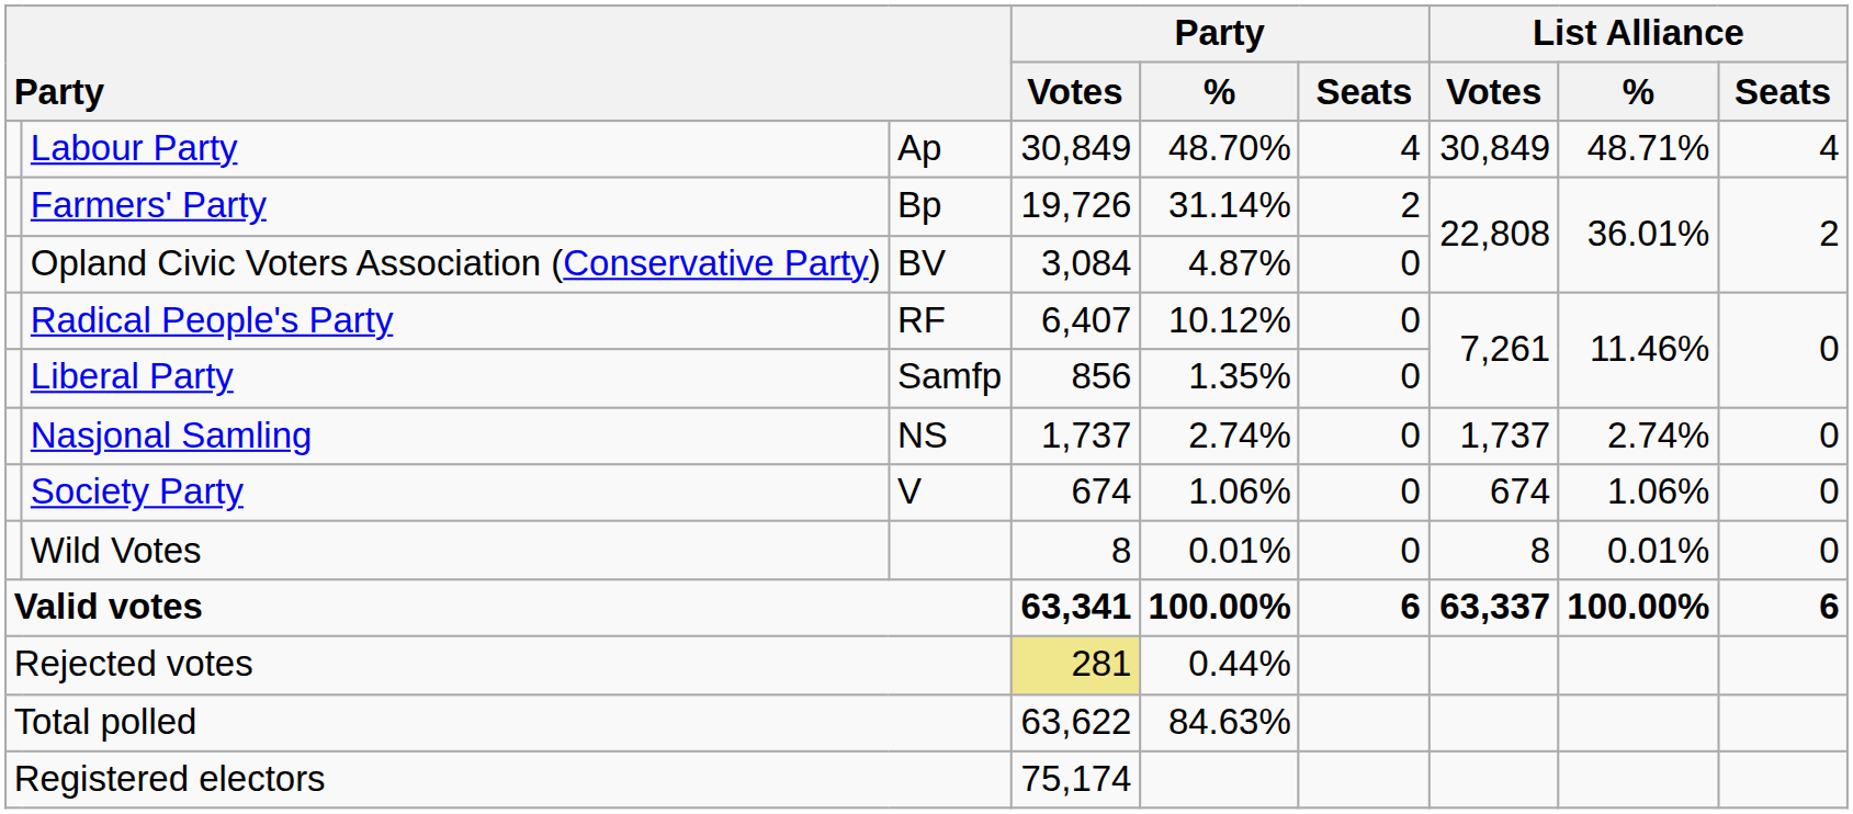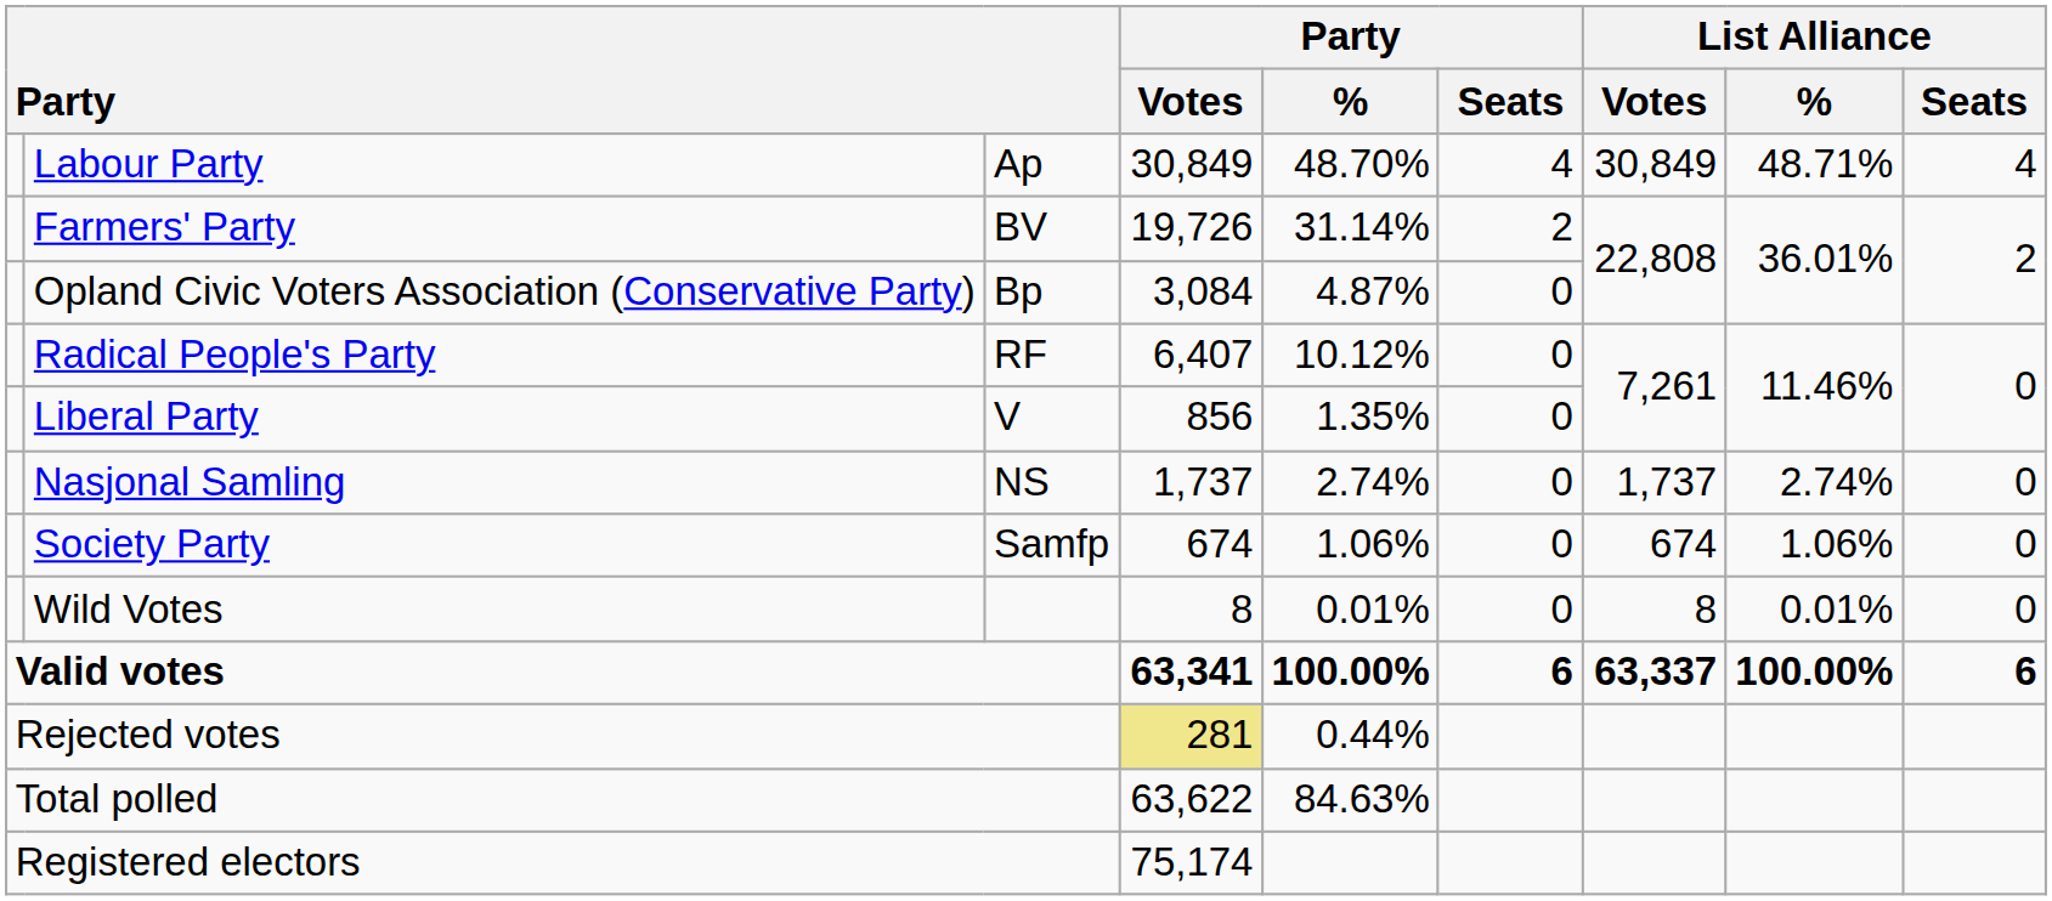 <table class="wikitable" border="1" style="text-align:right;">
 <tr>
 <th style="text-align:left;" valign=bottom rowspan=2 colspan=3>Party</th>
 <th colspan=3>Party</th>
 <th colspan=3>List Alliance</th>
 </tr>
 <tr>
 <th align=center valign=bottom width="50">Votes</th>
 <th align=center valign=bottom width="50">%</th>
 <th align=center valign=bottom width="50">Seats</th>
 <th align=center valign=bottom width="50">Votes</th>
 <th align=center valign=bottom width="50">%</th>
 <th align=center valign=bottom width="50">Seats</th>
 </tr>
 <tr>
 <td style="color:inherit;background:"></td>
 <td align=left><a href='#'>Labour Party</a></td>
 <td align=left>Ap</td>
 <td>30,849</td>
 <td>48.70%</td>
 <td>4</td>
 <td>30,849</td>
 <td>48.71%</td>
 <td>4</td>
 </tr>
 <tr>
 <td style="color:inherit;background:"></td>
 <td align=left><a href='#'>Farmers' Party</a></td>
-<td align=left>Bp</td>
+<td align=left>BV</td>
 <td>19,726</td>
 <td>31.14%</td>
 <td>2</td>
 <td rowspan=2>22,808</td>
 <td rowspan=2>36.01%</td>
 <td rowspan=2>2</td>
 </tr>
 <tr>
 <td></td>
 <td align=left>Opland Civic Voters Association (<a href='#'>Conservative Party</a>)</td>
-<td align=left>BV</td>
+<td align=left>Bp</td>
 <td>3,084</td>
 <td>4.87%</td>
 <td>0</td>
 </tr>
 <tr>
 <td></td>
 <td align=left><a href='#'>Radical People's Party</a></td>
 <td align=left>RF</td>
 <td>6,407</td>
 <td>10.12%</td>
 <td>0</td>
 <td rowspan=2>7,261</td>
 <td rowspan=2>11.46%</td>
 <td rowspan=2>0</td>
 </tr>
 <tr>
 <td style="color:inherit;background:"></td>
 <td align=left><a href='#'>Liberal Party</a></td>
-<td align=left>Samfp</td>
+<td align=left>V</td>
 <td>856</td>
 <td>1.35%</td>
 <td>0</td>
 </tr>
 <tr>
 <td style="color:inherit;background:"></td>
 <td align=left><a href='#'>Nasjonal Samling</a></td>
 <td align=left>NS</td>
 <td>1,737</td>
 <td>2.74%</td>
 <td>0</td>
 <td>1,737</td>
 <td>2.74%</td>
 <td>0</td>
 </tr>
 <tr>
 <td></td>
 <td align=left><a href='#'>Society Party</a></td>
-<td align=left>V</td>
+<td align=left>Samfp</td>
 <td>674</td>
 <td>1.06%</td>
 <td>0</td>
 <td>674</td>
 <td>1.06%</td>
 <td>0</td>
 </tr>
 <tr>
 <td></td>
 <td align=left>Wild Votes</td>
 <td align=left></td>
 <td>8</td>
 <td>0.01%</td>
 <td>0</td>
 <td>8</td>
 <td>0.01%</td>
 <td>0</td>
 </tr>
 <tr style="font-weight:bold">
 <td align=left colspan=3>Valid votes</td>
 <td>63,341</td>
 <td>100.00%</td>
 <td>6</td>
 <td>63,337</td>
 <td>100.00%</td>
 <td>6</td>
 </tr>
 <tr>
 <td align=left colspan=3>Rejected votes</td>
 <td style="background: khaki;">281</td>
 <td>0.44%</td>
 <td></td>
 <td></td>
 <td></td>
 <td></td>
 </tr>
 <tr>
 <td align=left colspan=3>Total polled</td>
 <td>63,622</td>
 <td>84.63%</td>
 <td></td>
 <td></td>
 <td></td>
 <td></td>
 </tr>
 <tr>
 <td align=left colspan=3>Registered electors</td>
 <td>75,174</td>
 <td></td>
 <td></td>
 <td></td>
 <td></td>
 <td></td>
 </tr>
 </table>
